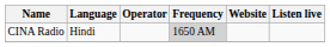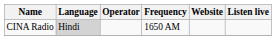 <table class="wikitable" style="font-size:85%;">
 <tr>
 <th>Name</th>
 <th>Language</th>
 <th>Operator</th>
 <th>Frequency</th>
 <th>Website</th>
 <th>Listen live</th>
 </tr>
 <tr>
 <td>CINA Radio</td>
-<td>Hindi</td>
+<td style="background: lightgrey;">Hindi</td>
 <td></td>
-<td style="background: lightgrey;">1650 AM</td>
+<td>1650 AM</td>
 <td></td>
 <td></td>
 </tr>
 <tr>
 </tr>
 </table>
